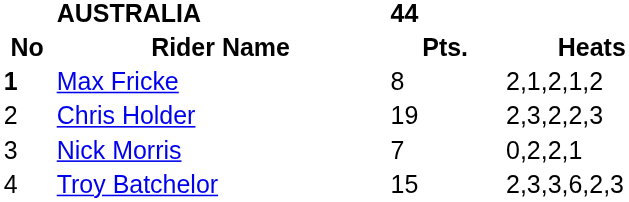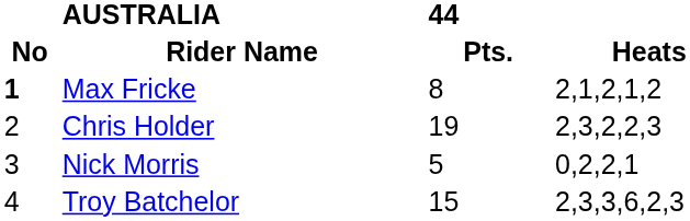 <table class="toccolours">
 <tr>
 <td></td>
 <td><strong>AUSTRALIA</strong></td>
 <td><strong>44</strong></td>
 </tr>
 <tr style="background-color:">
 <th width=30px>No</th>
 <th width=210px>Rider Name</th>
 <th width=70px>Pts.</th>
 <th width=110px>Heats</th>
 </tr>
 <tr style="background-color:">
 <td><strong>1</strong></td>
 <td><a href='#'>Max Fricke</a></td>
 <td>8</td>
 <td>2,1,2,1,2</td>
 </tr>
 <tr style="background-color:">
 <td>2</td>
 <td><a href='#'>Chris Holder</a></td>
 <td>19</td>
 <td>2,3,2,2,3</td>
 </tr>
 <tr style="background-color:">
 <td>3</td>
 <td><a href='#'>Nick Morris</a></td>
-<td>7</td>
+<td>5</td>
 <td>0,2,2,1</td>
 </tr>
 <tr style="background-color:">
 <td>4</td>
 <td><a href='#'>Troy Batchelor</a></td>
 <td>15</td>
 <td>2,3,3,6,2,3</td>
 </tr>
 </table>
